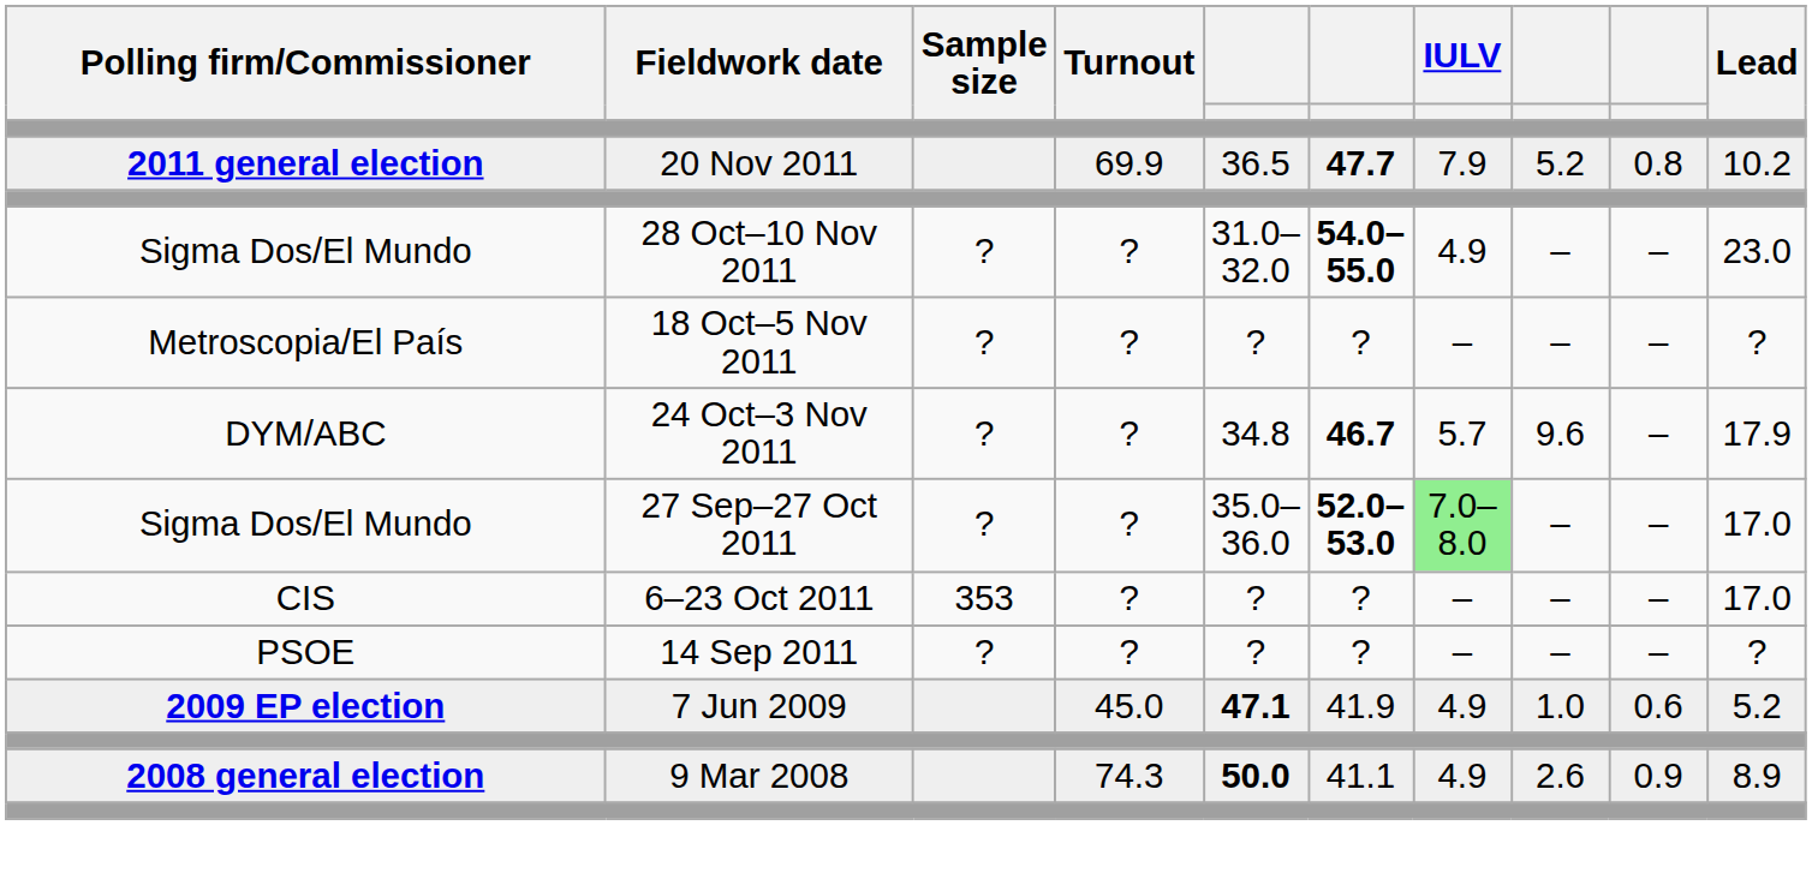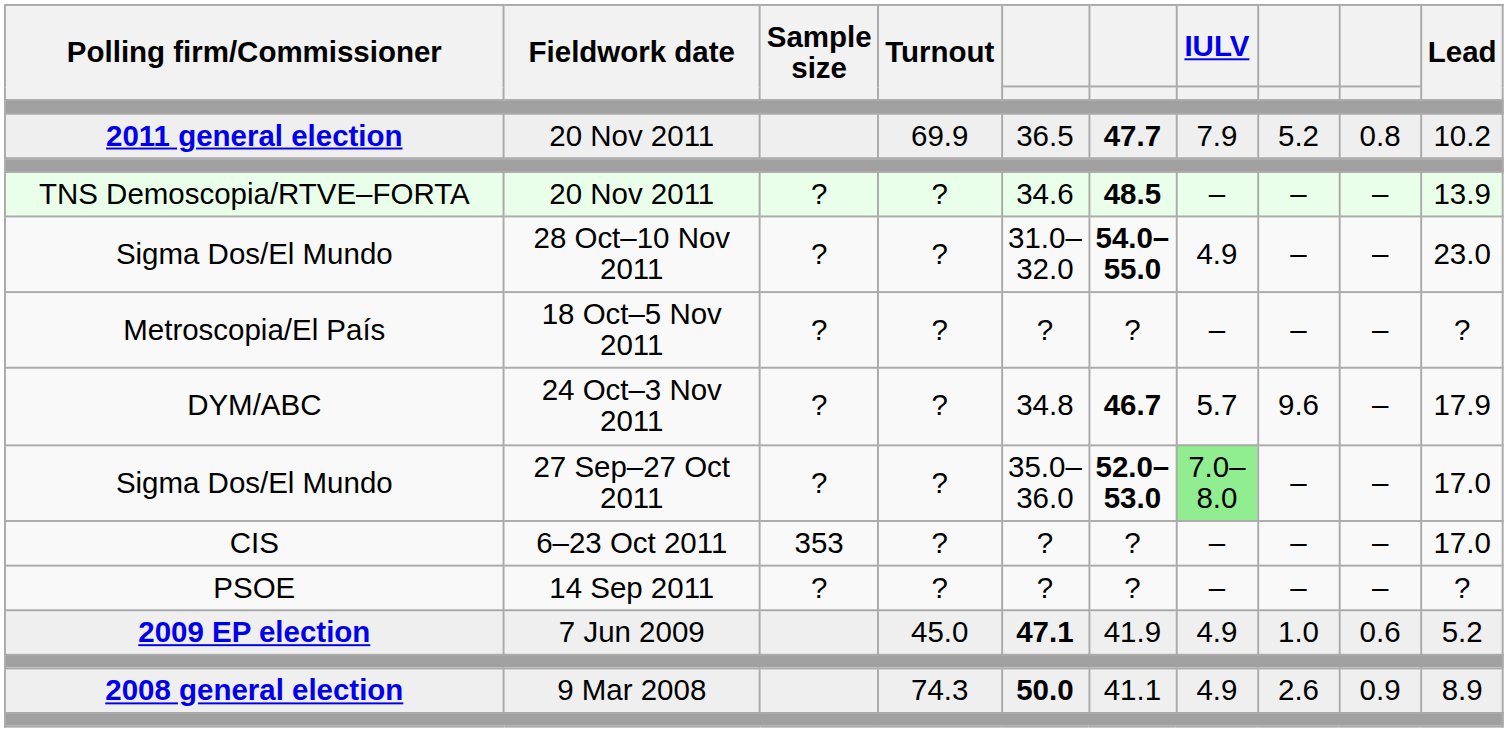 <table class="wikitable collapsible collapsed" style="text-align:center; font-size:95%; line-height:16px;">
 <tr style="height:42px;">
 <th style="width:250px;" rowspan="2">Polling firm/Commissioner</th>
 <th style="width:125px;" rowspan="2">Fieldwork date</th>
 <th style="width:50px;" rowspan="2">Sample size</th>
 <th style="width:45px;" rowspan="2">Turnout</th>
 <th style="width:35px;"></th>
 <th style="width:35px;"></th>
 <th style="width:35px;"><a href='#'>IULV</a></th>
 <th style="width:35px;"></th>
 <th style="width:35px;"></th>
 <th style="width:30px;" rowspan="2">Lead</th>
 </tr>
 <tr>
 <th style="color:inherit;background:"></th>
 <th style="color:inherit;background:"></th>
 <th style="color:inherit;background:"></th>
 <th style="color:inherit;background:"></th>
 <th style="color:inherit;background:"></th>
 </tr>
 <tr>
 <td colspan="10" style="background:#A0A0A0"></td>
 </tr>
 <tr style="background:#EFEFEF;">
 <td><strong><a href='#'>2011 general election</a></strong></td>
 <td>20 Nov 2011</td>
 <td></td>
 <td>69.9</td>
 <td>36.5<br></td>
 <td><strong>47.7</strong><br></td>
 <td>7.9<br></td>
 <td>5.2<br></td>
 <td>0.8<br></td>
 <td style="background:">10.2</td>
 </tr>
 <tr>
 <td colspan="10" style="background:#A0A0A0"></td>
+</tr>
+<tr style="background:#EAFFEA;">
+<td>TNS Demoscopia/RTVE–FORTA</td>
+<td>20 Nov 2011</td>
+<td>?</td>
+<td>?</td>
+<td>34.6<br></td>
+<td><strong>48.5</strong><br></td>
+<td>–</td>
+<td>–</td>
+<td>–</td>
+<td style="background:">13.9</td>
 </tr>
 <tr>
 <td>Sigma Dos/El Mundo</td>
 <td>28 Oct–10 Nov 2011</td>
 <td>?</td>
 <td>?</td>
 <td>31.0–<br>32.0<br></td>
 <td><strong>54.0–<br>55.0</strong><br></td>
 <td>4.9<br></td>
 <td>–</td>
 <td>–</td>
 <td style="background:">23.0</td>
 </tr>
 <tr>
 <td>Metroscopia/El País</td>
 <td>18 Oct–5 Nov 2011</td>
 <td>?</td>
 <td>?</td>
 <td>?<br></td>
 <td>?<br></td>
 <td>–</td>
 <td>–</td>
 <td>–</td>
 <td style="background:">?</td>
 </tr>
 <tr>
 <td>DYM/ABC</td>
 <td>24 Oct–3 Nov 2011</td>
 <td>?</td>
 <td>?</td>
 <td>34.8<br></td>
 <td><strong>46.7</strong><br></td>
 <td>5.7<br></td>
 <td>9.6<br></td>
 <td>–</td>
 <td style="background:">17.9</td>
 </tr>
 <tr>
 <td>Sigma Dos/El Mundo</td>
 <td>27 Sep–27 Oct 2011</td>
 <td>?</td>
 <td>?</td>
 <td>35.0–<br>36.0<br></td>
 <td><strong>52.0–<br>53.0</strong><br></td>
 <td style="background: lightgreen;">7.0–<br>8.0<br></td>
 <td>–</td>
 <td>–</td>
 <td style="background:">17.0</td>
 </tr>
 <tr>
 <td>CIS</td>
 <td>6–23 Oct 2011</td>
 <td>353</td>
 <td>?</td>
 <td>?<br></td>
 <td>?<br></td>
 <td>–</td>
 <td>–</td>
 <td>–</td>
 <td style="background:">17.0</td>
 </tr>
 <tr>
 <td>PSOE</td>
 <td>14 Sep 2011</td>
 <td>?</td>
 <td>?</td>
 <td>?<br></td>
 <td>?<br></td>
 <td>–</td>
 <td>–</td>
 <td>–</td>
 <td style="background:">?</td>
 </tr>
 <tr style="background:#EFEFEF;">
 <td><strong><a href='#'>2009 EP election</a></strong></td>
 <td>7 Jun 2009</td>
 <td></td>
 <td>45.0</td>
 <td><strong>47.1</strong><br></td>
 <td>41.9<br></td>
 <td>4.9<br></td>
 <td>1.0<br></td>
 <td>0.6<br></td>
 <td style="background:">5.2</td>
 </tr>
 <tr>
 <td colspan="10" style="background:#A0A0A0"></td>
 </tr>
 <tr style="background:#EFEFEF;">
 <td><strong><a href='#'>2008 general election</a></strong></td>
 <td>9 Mar 2008</td>
 <td></td>
 <td>74.3</td>
 <td><strong>50.0</strong><br></td>
 <td>41.1<br></td>
 <td>4.9<br></td>
 <td>2.6<br></td>
 <td>0.9<br></td>
 <td style="background:">8.9</td>
 </tr>
 <tr>
 <td colspan="10" style="background:#A0A0A0"></td>
 </tr>
 </table>
